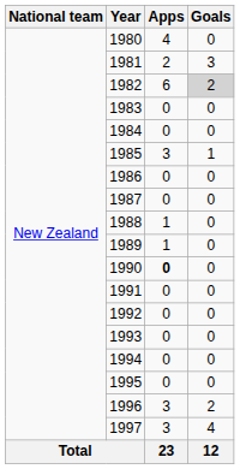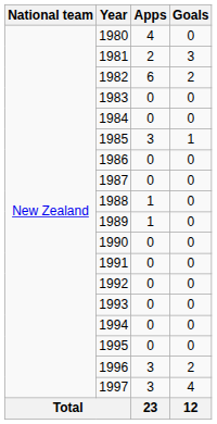 <table class="wikitable" style="text-align:center">
 <tr>
 <th>National team</th>
 <th>Year</th>
 <th>Apps</th>
 <th>Goals</th>
 </tr>
 <tr>
 <td rowspan="18"><a href='#'>New Zealand</a></td>
 <td>1980</td>
 <td>4</td>
 <td>0</td>
 </tr>
 <tr>
 <td>1981</td>
 <td>2</td>
 <td>3</td>
 </tr>
 <tr>
 <td>1982</td>
 <td>6</td>
-<td style="background: lightgrey;">2</td>
+<td>2</td>
 </tr>
 <tr>
 <td>1983</td>
 <td>0</td>
 <td>0</td>
 </tr>
 <tr>
 <td>1984</td>
 <td>0</td>
 <td>0</td>
 </tr>
 <tr>
 <td>1985</td>
 <td>3</td>
 <td>1</td>
 </tr>
 <tr>
 <td>1986</td>
 <td>0</td>
 <td>0</td>
 </tr>
 <tr>
 <td>1987</td>
 <td>0</td>
 <td>0</td>
 </tr>
 <tr>
 <td>1988</td>
 <td>1</td>
 <td>0</td>
 </tr>
 <tr>
 <td>1989</td>
 <td>1</td>
 <td>0</td>
 </tr>
 <tr>
 <td>1990</td>
-<td><strong>0</strong></td>
+<td>0</td>
 <td>0</td>
 </tr>
 <tr>
 <td>1991</td>
 <td>0</td>
 <td>0</td>
 </tr>
 <tr>
 <td>1992</td>
 <td>0</td>
 <td>0</td>
 </tr>
 <tr>
 <td>1993</td>
 <td>0</td>
 <td>0</td>
 </tr>
 <tr>
 <td>1994</td>
 <td>0</td>
 <td>0</td>
 </tr>
 <tr>
 <td>1995</td>
 <td>0</td>
 <td>0</td>
 </tr>
 <tr>
 <td>1996</td>
 <td>3</td>
 <td>2</td>
 </tr>
 <tr>
 <td>1997</td>
 <td>3</td>
 <td>4</td>
 </tr>
 <tr>
 <th colspan="2">Total</th>
 <th>23</th>
 <th>12</th>
 </tr>
 </table>
